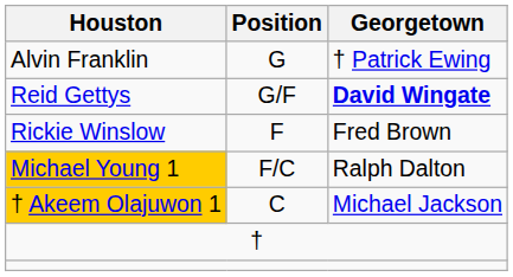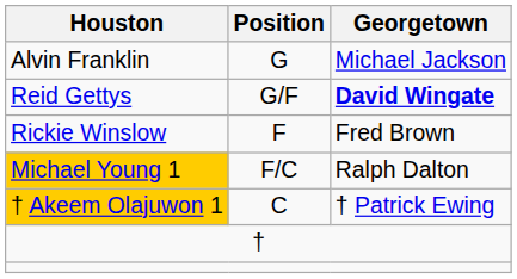 <table class="wikitable">
 <tr>
 <th>Houston</th>
 <th colspan="2">Position</th>
 <th>Georgetown</th>
 </tr>
 <tr>
 <td>Alvin Franklin</td>
 <td colspan=2 style="text-align:center">G</td>
-<td>† <a href='#'>Patrick Ewing</a></td>
+<td><a href='#'>Michael Jackson</a></td>
 </tr>
 <tr>
 <td><a href='#'>Reid Gettys</a></td>
 <td colspan=2 style="text-align:center">G/F</td>
 <td><strong><a href='#'>David Wingate</a></strong></td>
 </tr>
 <tr>
 <td><a href='#'>Rickie Winslow</a></td>
 <td colspan=2 style="text-align:center">F</td>
 <td>Fred Brown</td>
 </tr>
 <tr>
 <td style="background:#ffcc00"><a href='#'>Michael Young</a> 1</td>
 <td colspan=2 style="text-align:center">F/C</td>
 <td>Ralph Dalton</td>
 </tr>
 <tr>
 <td style="background:#ffcc00">† <a href='#'>Akeem Olajuwon</a> 1</td>
 <td colspan=2 style="text-align:center">C</td>
-<td><a href='#'>Michael Jackson</a></td>
+<td>† <a href='#'>Patrick Ewing</a></td>
 </tr>
 <tr>
 <td colspan="5" align=center>† </td>
 </tr>
 <tr>
 <td colspan="5" align=center></td>
 </tr>
 </table>
